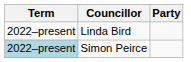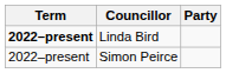 <table class="wikitable">
 <tr>
 <th>Term</th>
 <th>Councillor</th>
 <th colspan=2>Party</th>
 </tr>
 <tr>
-<td>2022–present</td>
+<td><strong>2022–present</strong></td>
 <td>Linda Bird</td>
 <td></td>
 </tr>
 <tr>
-<td style="background: lightblue;">2022–present</td>
+<td>2022–present</td>
 <td>Simon Peirce</td>
 <td></td>
 </tr>
 </table>
